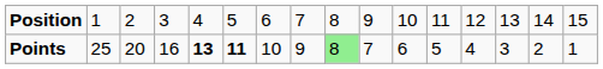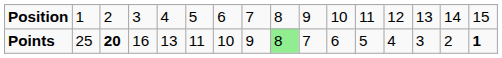 <table class="wikitable" style="font-size: 90%;">
 <tr>
 <td><strong>Position</strong></td>
 <td width=20>1</td>
 <td width=20>2</td>
 <td width=20>3</td>
 <td width=20>4</td>
 <td width=20>5</td>
 <td width=20>6</td>
 <td width=20>7</td>
 <td width=20>8</td>
 <td width=20>9</td>
 <td width=20>10</td>
 <td width=20>11</td>
 <td width=20>12</td>
 <td width=20>13</td>
 <td width=20>14</td>
 <td width=20>15</td>
 </tr>
 <tr>
 <td><strong>Points</strong></td>
 <td>25</td>
-<td>20</td>
+<td><strong>20</strong></td>
 <td>16</td>
-<td><strong>13</strong></td>
-<td><strong>11</strong></td>
+<td>13</td>
+<td>11</td>
 <td>10</td>
 <td>9</td>
 <td style="background: lightgreen;">8</td>
 <td>7</td>
 <td>6</td>
 <td>5</td>
 <td>4</td>
 <td>3</td>
 <td>2</td>
-<td>1</td>
+<td><strong>1</strong></td>
 </tr>
 </table>
